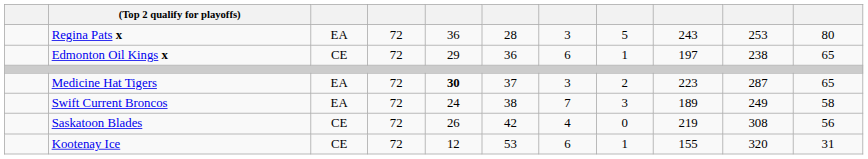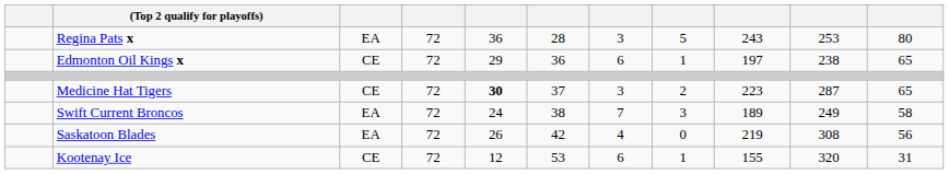 <table class="wikitable sortable">
 <tr>
 <th style="width:3em"></th>
 <th style="width:20em;" class="unsortable"><small>(Top 2 qualify for playoffs)</small></th>
 <th style="width:4em;"></th>
 <th style="width:4em;" class="unsortable"></th>
 <th style="width:4em;"></th>
 <th style="width:4em;"></th>
 <th style="width:4em;"></th>
 <th style="width:4em;"></th>
 <th style="width:5em;"></th>
 <th style="width:5em;"></th>
 <th style="width:5em;"></th>
 </tr>
 <tr style="font-weight: ; text-align: center;">
 <td></td>
 <td style="text-align:left;"><a href='#'>Regina Pats</a> <strong>x</strong></td>
 <td>EA</td>
 <td>72</td>
 <td>36</td>
 <td>28</td>
 <td>3</td>
 <td>5</td>
 <td>243</td>
 <td>253</td>
 <td>80</td>
 </tr>
 <tr style="font-weight: ; text-align: center;">
 <td></td>
 <td style="text-align:left;"><a href='#'>Edmonton Oil Kings</a> <strong>x</strong></td>
 <td>CE</td>
 <td>72</td>
 <td>29</td>
 <td>36</td>
 <td>6</td>
 <td>1</td>
 <td>197</td>
 <td>238</td>
 <td>65</td>
 </tr>
 <tr style="color:#cccccc;background-color:#cccccc">
 <td style="height:2px" colspan=11></td>
 </tr>
 <tr style="text-align: center;">
 <td></td>
 <td style="text-align:left;"><a href='#'>Medicine Hat Tigers</a></td>
-<td>EA</td>
+<td>CE</td>
 <td>72</td>
 <td><strong>30</strong></td>
 <td>37</td>
 <td>3</td>
 <td>2</td>
 <td>223</td>
 <td>287</td>
 <td>65</td>
 </tr>
 <tr style="text-align: center;">
 <td></td>
 <td style="text-align:left;"><a href='#'>Swift Current Broncos</a></td>
 <td>EA</td>
 <td>72</td>
 <td>24</td>
 <td>38</td>
 <td>7</td>
 <td>3</td>
 <td>189</td>
 <td>249</td>
 <td>58</td>
 </tr>
 <tr style="text-align: center;">
 <td></td>
 <td style="text-align:left;"><a href='#'>Saskatoon Blades</a></td>
-<td>CE</td>
+<td>EA</td>
 <td>72</td>
 <td>26</td>
 <td>42</td>
 <td>4</td>
 <td>0</td>
 <td>219</td>
 <td>308</td>
 <td>56</td>
 </tr>
 <tr style="text-align: center;">
 <td></td>
 <td style="text-align:left;"><a href='#'>Kootenay Ice</a></td>
 <td>CE</td>
 <td>72</td>
 <td>12</td>
 <td>53</td>
 <td>6</td>
 <td>1</td>
 <td>155</td>
 <td>320</td>
 <td>31</td>
 </tr>
 </table>
